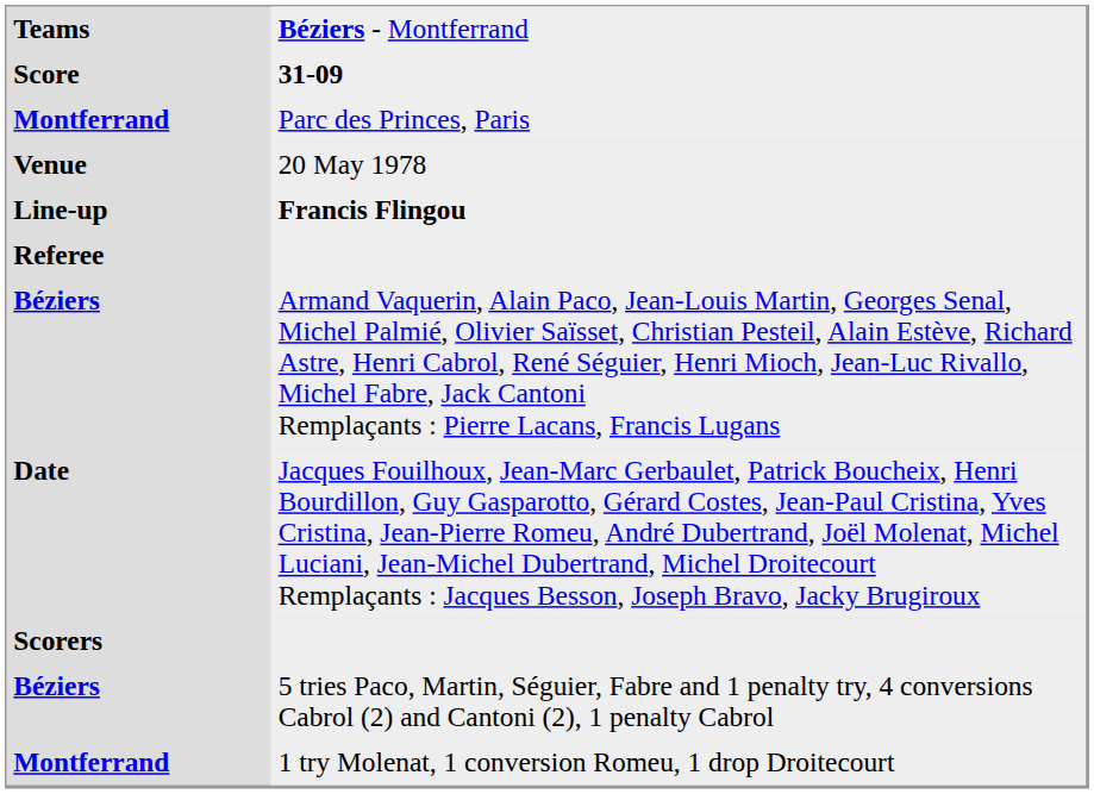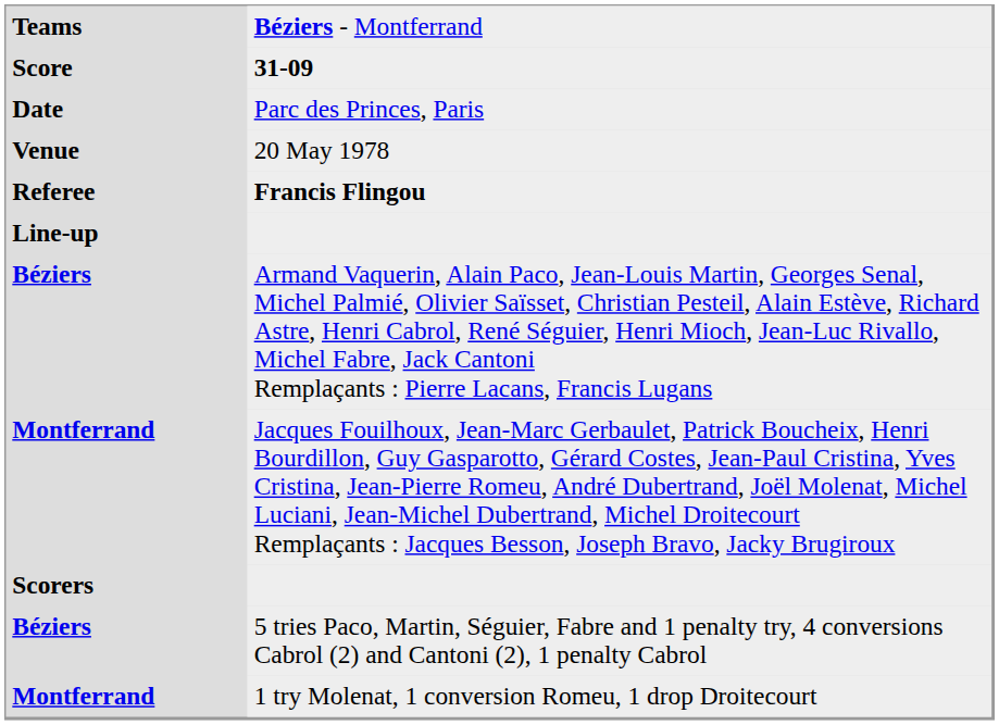 <table align="left" cellpadding="4" cellspacing="0"  style="margin: 0 0 0 0; border: 1px solid #999; border-right-width: 2px; border-bottom-width: 2px; background-color: #DDDDDD">
 <tr>
 <td width="150" valign="top"><strong>Teams</strong></td>
 <td width="500" bgcolor=#EEEEEE><strong><a href='#'>Béziers</a> </strong> - <a href='#'>Montferrand</a></td>
 </tr>
 <tr>
 <td valign="top"><strong>Score</strong></td>
 <td bgcolor=#EEEEEE><strong>31-09</strong></td>
 </tr>
 <tr>
-<td valign="top"><strong><a href='#'>Montferrand</a></strong></td>
+<td valign="top"><strong>Date</strong></td>
 <td bgcolor=#EEEEEE><a href='#'>Parc des Princes</a>, <a href='#'>Paris</a></td>
 </tr>
 <tr>
 <td valign="top"><strong>Venue</strong></td>
 <td bgcolor=#EEEEEE>20 May 1978</td>
 </tr>
 <tr>
-<td valign="top"><strong>Line-up</strong></td>
+<td valign="top"><strong>Referee</strong></td>
 <td bgcolor=#EEEEEE><strong>Francis Flingou</strong></td>
 </tr>
 <tr>
-<td valign="top"><strong>Referee</strong></td>
+<td valign="top"><strong>Line-up</strong></td>
 <td bgcolor=#EEEEEE></td>
 </tr>
 <tr>
 <td valign="top"><strong> <a href='#'>Béziers</a> </strong></td>
 <td bgcolor=#EEEEEE><a href='#'>Armand Vaquerin</a>, <a href='#'>Alain Paco</a>, <a href='#'>Jean-Louis Martin</a>, <a href='#'>Georges Senal</a>, <a href='#'>Michel Palmié</a>, <a href='#'>Olivier Saïsset</a>, <a href='#'>Christian Pesteil</a>, <a href='#'>Alain Estève</a>, <a href='#'>Richard Astre</a>, <a href='#'>Henri Cabrol</a>, <a href='#'>René Séguier</a>, <a href='#'>Henri Mioch</a>, <a href='#'>Jean-Luc Rivallo</a>, <a href='#'>Michel Fabre</a>, <a href='#'>Jack Cantoni</a> <br>Remplaçants : <a href='#'>Pierre Lacans</a>, <a href='#'>Francis Lugans</a></td>
 </tr>
 <tr>
-<td valign="top"><strong>Date</strong></td>
+<td valign="top"><strong><a href='#'>Montferrand</a></strong></td>
 <td bgcolor=#EEEEEE><a href='#'>Jacques Fouilhoux</a>, <a href='#'>Jean-Marc Gerbaulet</a>, <a href='#'>Patrick Boucheix</a>, <a href='#'>Henri Bourdillon</a>, <a href='#'>Guy Gasparotto</a>, <a href='#'>Gérard Costes</a>, <a href='#'>Jean-Paul Cristina</a>, <a href='#'>Yves Cristina</a>, <a href='#'>Jean-Pierre Romeu</a>, <a href='#'>André Dubertrand</a>, <a href='#'>Joël Molenat</a>, <a href='#'>Michel Luciani</a>, <a href='#'>Jean-Michel Dubertrand</a>, <a href='#'>Michel Droitecourt</a><br>Remplaçants : <a href='#'>Jacques Besson</a>, <a href='#'>Joseph Bravo</a>, <a href='#'>Jacky Brugiroux</a></td>
 </tr>
 <tr>
 <td valign="top"><strong>Scorers</strong></td>
 <td bgcolor=#EEEEEE></td>
 </tr>
 <tr>
 <td valign="top"><strong> <a href='#'>Béziers</a> </strong></td>
 <td bgcolor=#EEEEEE>5 tries Paco, Martin, Séguier, Fabre and 1 penalty try, 4 conversions Cabrol (2) and Cantoni (2), 1 penalty Cabrol</td>
 </tr>
 <tr>
 <td valign="top"><strong><a href='#'>Montferrand</a></strong></td>
 <td bgcolor=#EEEEEE>1 try Molenat, 1 conversion Romeu, 1 drop Droitecourt</td>
 </tr>
 </table>
